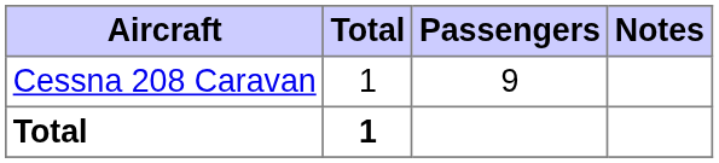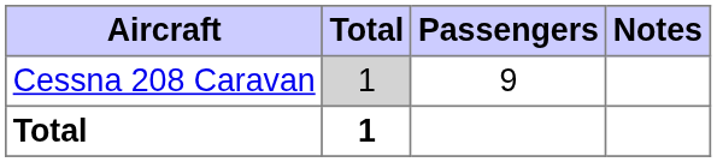 <table class="toccolours" border="1" cellpadding="3" style="border-collapse:collapse">
 <tr style="background:#ccccff;">
 <th>Aircraft</th>
 <th>Total</th>
 <th>Passengers</th>
 <th>Notes</th>
 </tr>
 <tr>
 <td><a href='#'>Cessna 208 Caravan</a></td>
-<td style="text-align:center">1</td>
+<td style="background: lightgrey; text-align:center">1</td>
 <td style="text-align:center">9</td>
 <td></td>
 </tr>
 <tr>
 <td><strong>Total</strong></td>
 <td style="text-align:center"><strong>1</strong></td>
 <td></td>
 </tr>
 </table>
